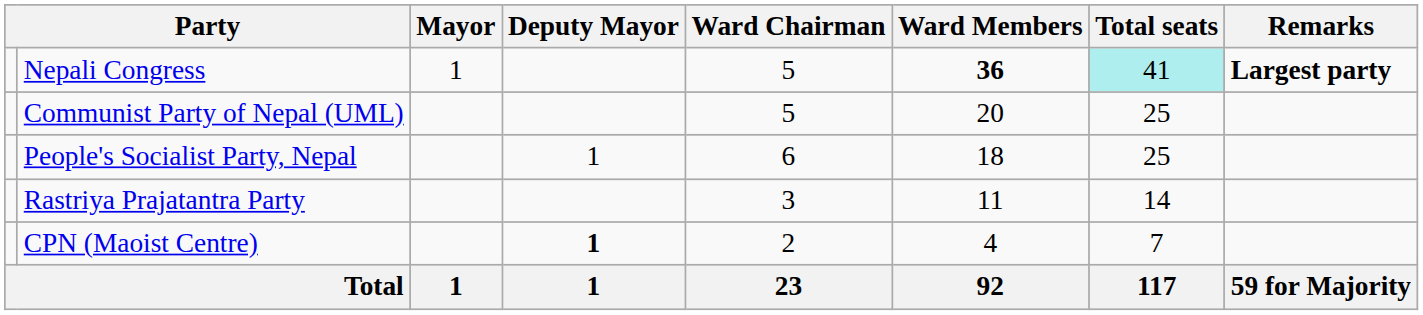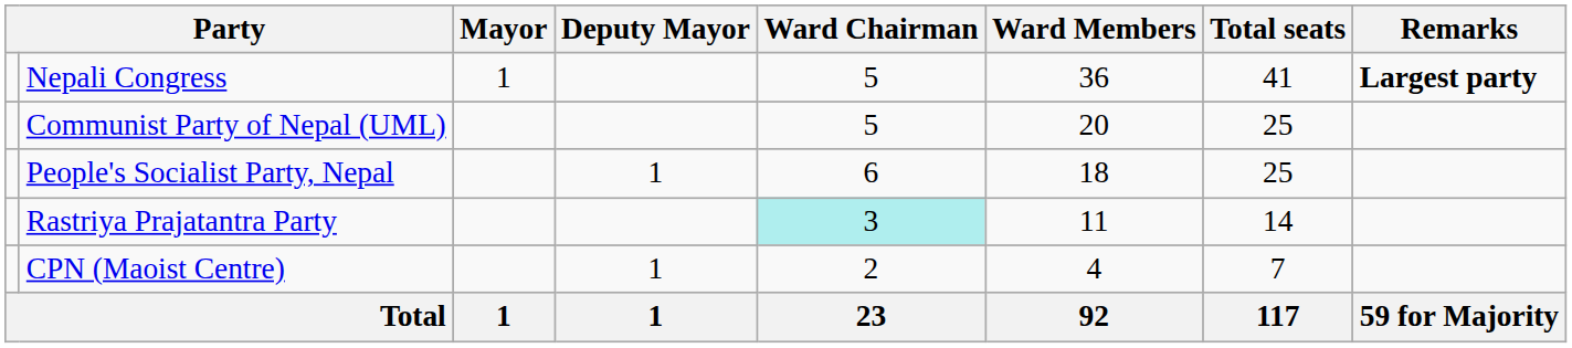 <table class="wikitable sortable">
 <tr>
 <th colspan="2" style="text-align:centre;">Party</th>
 <th>Mayor</th>
 <th>Deputy Mayor</th>
 <th>Ward Chairman</th>
 <th>Ward Members</th>
 <th>Total seats</th>
 <th>Remarks</th>
 </tr>
 <tr>
 <td style="background-color:"></td>
 <td style="text-align:left;"><a href='#'>Nepali Congress</a></td>
 <td style="text-align:center;">1</td>
 <td style="text-align:center;"></td>
 <td style="text-align:center;">5</td>
-<td style="text-align:center;"><strong>36</strong></td>
-<td style="background: paleturquoise; text-align:center;">41</td>
+<td style="text-align:center;">36</td>
+<td style="text-align:center;">41</td>
 <td><strong>Largest party</strong></td>
 </tr>
 <tr>
 <td style="background-color:"></td>
 <td style="text-align:left;"><a href='#'>Communist Party of Nepal (UML)</a></td>
 <td></td>
 <td style="text-align:center;"></td>
 <td style="text-align:center;">5</td>
 <td style="text-align:center;">20</td>
 <td style="text-align:center;">25</td>
 <td></td>
 </tr>
 <tr>
 <td style="background-color:"></td>
 <td><a href='#'>People's Socialist Party, Nepal</a></td>
 <td></td>
 <td style="text-align:center;">1</td>
 <td style="text-align:center;">6</td>
 <td style="text-align:center;">18</td>
 <td style="text-align:center;">25</td>
 <td></td>
 </tr>
 <tr>
 <td style="background-color:"></td>
 <td style="text-align:left;"><a href='#'>Rastriya Prajatantra Party</a></td>
 <td style="text-align:center;"></td>
 <td></td>
-<td style="text-align:center;">3</td>
+<td style="background: paleturquoise; text-align:center;">3</td>
 <td style="text-align:center;">11</td>
 <td style="text-align:center;">14</td>
 <td></td>
 </tr>
 <tr>
 <td style="background-color:"></td>
 <td style="text-align:left;"><a href='#'>CPN (Maoist Centre)</a></td>
 <td></td>
-<td style="text-align:center;"><strong>1</strong></td>
+<td style="text-align:center;">1</td>
 <td style="text-align:center;">2</td>
 <td style="text-align:center;">4</td>
 <td style="text-align:center;">7</td>
 <td></td>
 </tr>
 <tr>
 <th colspan="2" style="text-align:right;">Total</th>
 <th>1</th>
 <th>1</th>
 <th>23</th>
 <th>92</th>
 <th>117</th>
 <th>59 for Majority</th>
 </tr>
 </table>
